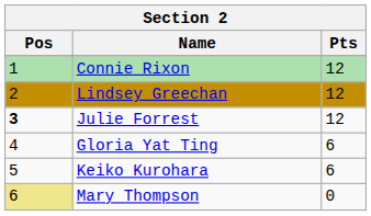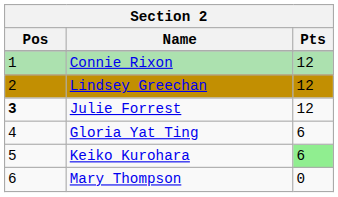 <table class="wikitable">
 <tr>
 <th colspan="6">Section 2</th>
 </tr>
 <tr>
 <th width=50>Pos</th>
 <th width=200>Name</th>
 <th width=30>Pts</th>
 </tr>
 <tr>
 </tr>
 <tr style="background:#ACE1AF;">
 <td>1</td>
 <td> <a href='#'>Connie Rixon</a></td>
 <td>12</td>
 </tr>
 <tr style="background:#c28f02;">
 <td>2</td>
 <td> <a href='#'>Lindsey Greechan</a></td>
 <td>12</td>
 </tr>
 <tr>
 <td><strong>3</strong></td>
 <td> <a href='#'>Julie Forrest</a></td>
 <td>12</td>
 </tr>
 <tr>
 <td>4</td>
 <td> <a href='#'>Gloria Yat Ting</a></td>
 <td>6</td>
 </tr>
 <tr>
 <td>5</td>
 <td> <a href='#'>Keiko Kurohara</a></td>
-<td>6</td>
+<td style="background: lightgreen;">6</td>
 </tr>
 <tr>
-<td style="background: khaki;">6</td>
+<td>6</td>
 <td> <a href='#'>Mary Thompson</a></td>
 <td>0</td>
 </tr>
 </table>
